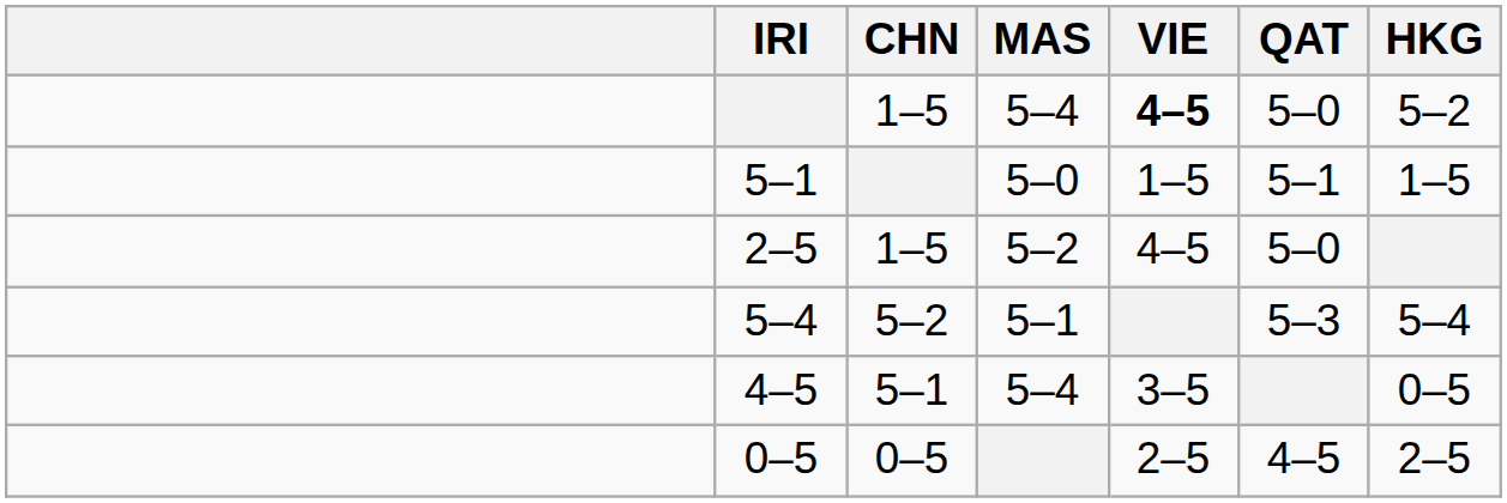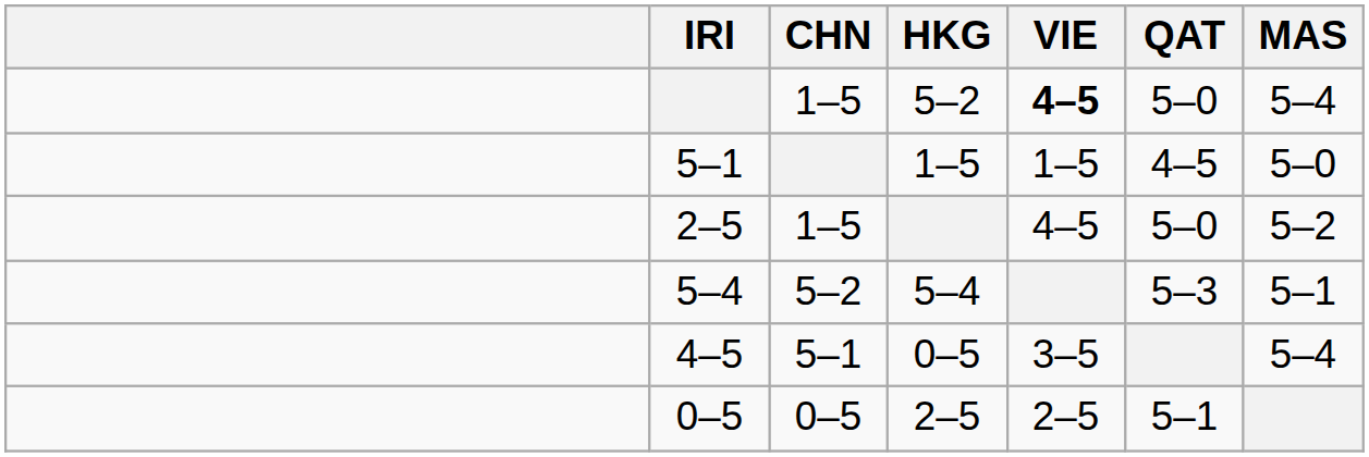 <table class="wikitable" style="text-align:center">
 <tr>
 <th width="250"> </th>
 <th width="40">IRI</th>
 <th width="40">CHN</th>
-<th width="40">MAS</th>
+<th width="40">HKG</th>
 <th width="40">VIE</th>
 <th width="40">QAT</th>
-<th width="40">HKG</th>
+<th width="40">MAS</th>
 </tr>
 <tr>
 <td align=left></td>
 <th></th>
 <td>1–5</td>
+<td>5–2</td>
+<td><strong>4–5</strong></td>
+<td>5–0</td>
 <td>5–4</td>
-<td><strong>4–5</strong></td>
+</tr>
+<tr>
+<td align=left></td>
+<td>5–1</td>
+<th></th>
+<td>1–5</td>
+<td>1–5</td>
+<td>4–5</td>
+<td>5–0</td>
+</tr>
+<tr>
+<td align=left></td>
+<td>2–5</td>
+<td>1–5</td>
+<th></th>
+<td>4–5</td>
 <td>5–0</td>
 <td>5–2</td>
 </tr>
 <tr>
 <td align=left></td>
-<td>5–1</td>
-<th></th>
-<td>5–0</td>
-<td>1–5</td>
-<td>5–1</td>
-<td>1–5</td>
-</tr>
-<tr>
-<td align=left></td>
-<td>2–5</td>
-<td>1–5</td>
-<td>5–2</td>
-<td>4–5</td>
-<td>5–0</td>
-<th></th>
-</tr>
-<tr>
-<td align=left></td>
 <td>5–4</td>
 <td>5–2</td>
-<td>5–1</td>
+<td>5–4</td>
 <th></th>
 <td>5–3</td>
-<td>5–4</td>
+<td>5–1</td>
 </tr>
 <tr>
 <td align=left></td>
 <td>4–5</td>
 <td>5–1</td>
-<td>5–4</td>
+<td>0–5</td>
 <td>3–5</td>
 <th></th>
-<td>0–5</td>
+<td>5–4</td>
 </tr>
 <tr>
 <td align=left></td>
 <td>0–5</td>
 <td>0–5</td>
+<td>2–5</td>
+<td>2–5</td>
+<td>5–1</td>
 <th></th>
-<td>2–5</td>
-<td>4–5</td>
-<td>2–5</td>
 </tr>
 </table>
